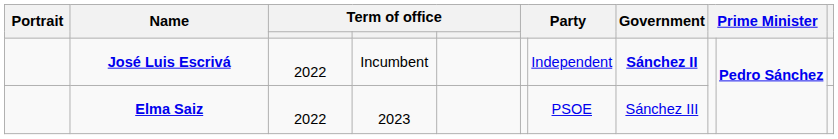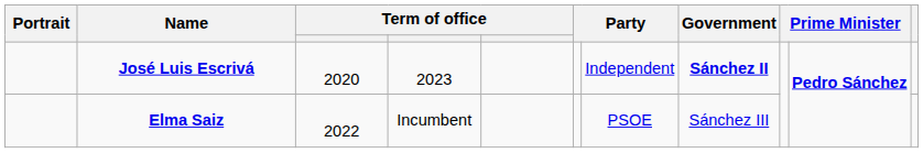 <table class="wikitable" style="line-height:1.4em; text-align:center; border:1px #aaf solid;">
 <tr>
 <th rowspan="2" width="65">Portrait</th>
 <th rowspan="2" width="210">Name<br></th>
 <th colspan="3">Term of office</th>
 <th rowspan="2" colspan="2" width="90">Party</th>
 <th rowspan="2">Government</th>
 <th rowspan="2" colspan="2"><a href='#'>Prime Minister</a><br></th>
 <th rowspan="2"></th>
 </tr>
 <tr>
 <th width="85"></th>
 <th width="85"></th>
 <th width="85"></th>
 </tr>
 <tr>
 <td></td>
 <td><strong><a href='#'>José Luis Escrivá</a></strong><br></td>
-<td class="nowrap"><br>2022</td>
-<td class="nowrap">Incumbent</td>
+<td class="nowrap"><br>2020</td>
+<td class="nowrap"><br>2023</td>
 <td style="font-size:95%;"></td>
 <td width="1" style="color:inherit;background:"></td>
 <td><a href='#'>Independent</a></td>
 <td><strong><a href='#'>Sánchez II</a></strong></td>
 <td rowspan="2" width="1" style="background:"></td>
 <td rowspan="2"><strong><a href='#'>Pedro Sánchez</a></strong><br><br></td>
 <td align="center"><br></td>
 </tr>
 <tr>
 <td></td>
 <td><strong><a href='#'>Elma Saiz</a></strong><br></td>
 <td class="nowrap"><br>2022</td>
-<td class="nowrap"><br>2023</td>
+<td class="nowrap">Incumbent</td>
 <td style="font-size:95%;"></td>
 <td style="color:inherit;background:"></td>
 <td><a href='#'>PSOE</a></td>
 <td><a href='#'>Sánchez III</a></td>
 <td align="center"></td>
 </tr>
 </table>
